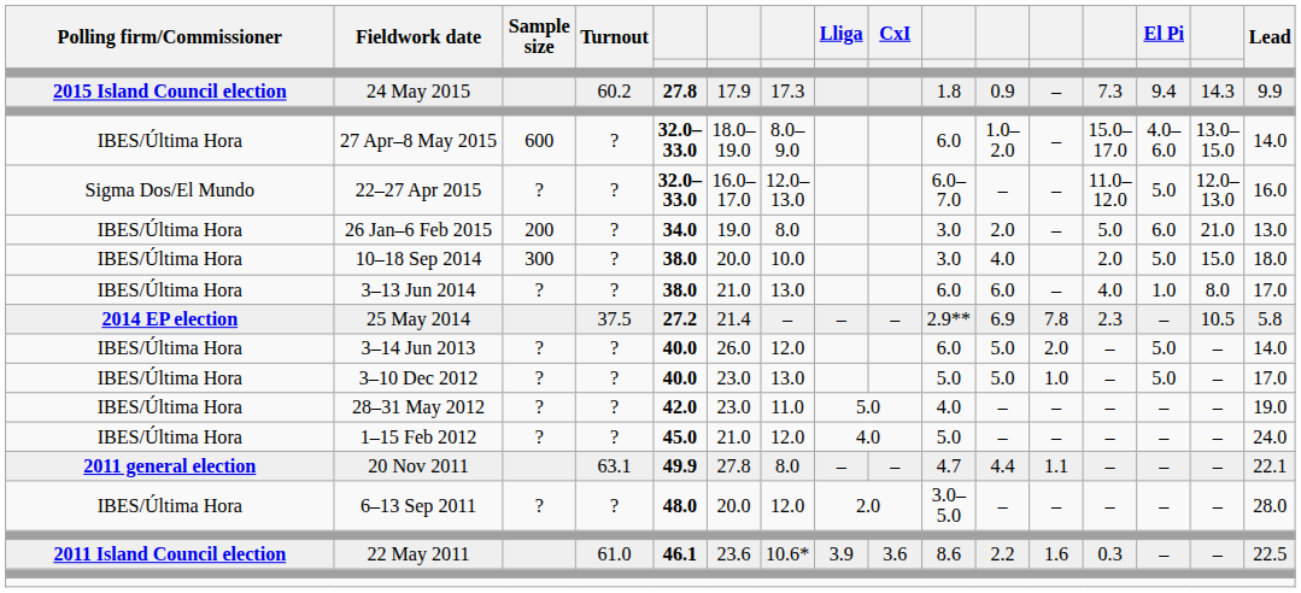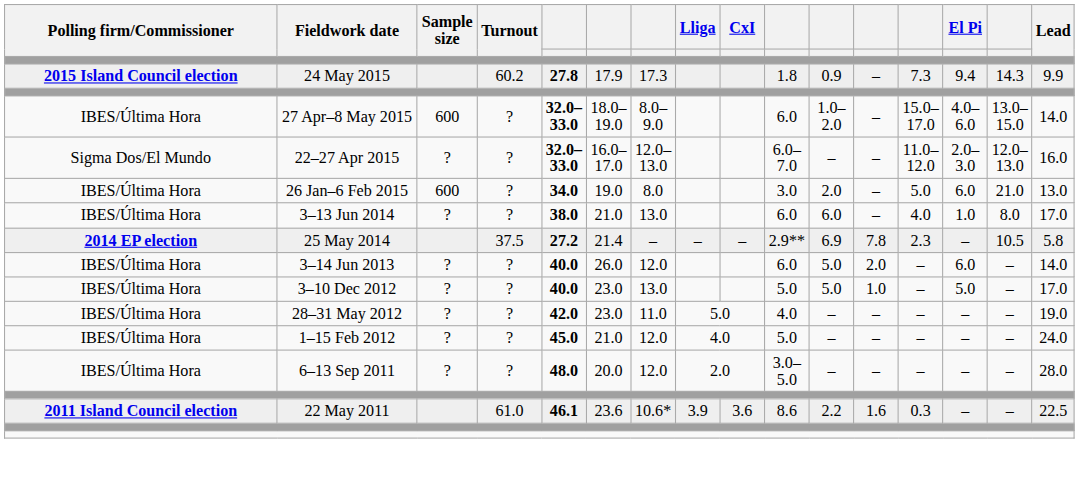 <table class="wikitable collapsible collapsed" style="text-align:center; font-size:95%; line-height:16px;">
 <tr style="height:42px;">
 <th style="width:250px;" rowspan="2">Polling firm/Commissioner</th>
 <th style="width:125px;" rowspan="2">Fieldwork date</th>
 <th style="width:50px;" rowspan="2">Sample size</th>
 <th style="width:45px;" rowspan="2">Turnout</th>
 <th style="width:35px;"></th>
 <th style="width:35px;"></th>
 <th style="width:35px;"></th>
 <th style="width:35px;"><a href='#'>Lliga</a></th>
 <th style="width:35px;"><a href='#'>CxI</a></th>
 <th style="width:35px;"></th>
 <th style="width:35px;"></th>
 <th style="width:35px;"></th>
 <th style="width:35px;"></th>
 <th style="width:35px;"><a href='#'>El Pi</a></th>
 <th style="width:35px;"></th>
 <th style="width:30px;" rowspan="2">Lead</th>
 </tr>
 <tr>
 <th style="color:inherit;background:"></th>
 <th style="color:inherit;background:"></th>
 <th style="color:inherit;background:"></th>
 <th style="color:inherit;background:"></th>
 <th style="color:inherit;background:"></th>
 <th style="color:inherit;background:"></th>
 <th style="color:inherit;background:"></th>
 <th style="color:inherit;background:"></th>
 <th style="color:inherit;background:"></th>
 <th style="color:inherit;background:"></th>
 <th style="color:inherit;background:"></th>
 </tr>
 <tr>
 <td colspan="16" style="background:#A0A0A0"></td>
 </tr>
 <tr style="background:#EFEFEF;">
 <td><strong><a href='#'>2015 Island Council election</a></strong></td>
 <td>24 May 2015</td>
 <td></td>
 <td>60.2</td>
 <td><strong>27.8</strong><br></td>
 <td>17.9<br></td>
 <td>17.3<br></td>
 <td></td>
 <td></td>
 <td>1.8<br></td>
 <td>0.9<br></td>
 <td>–</td>
 <td>7.3<br></td>
 <td>9.4<br></td>
 <td>14.3<br></td>
 <td style="background:">9.9</td>
 </tr>
 <tr>
 <td colspan="16" style="background:#A0A0A0"></td>
 </tr>
 <tr>
 <td>IBES/Última Hora</td>
 <td>27 Apr–8 May 2015</td>
 <td>600</td>
 <td>?</td>
 <td><strong>32.0–<br>33.0</strong><br></td>
 <td>18.0–<br>19.0<br></td>
 <td>8.0–<br>9.0<br></td>
 <td></td>
 <td></td>
 <td>6.0</td>
 <td>1.0–<br>2.0<br></td>
 <td>–</td>
 <td>15.0–<br>17.0<br></td>
 <td>4.0–<br>6.0<br></td>
 <td>13.0–<br>15.0<br></td>
 <td style="background:">14.0</td>
 </tr>
 <tr>
 <td>Sigma Dos/El Mundo</td>
 <td>22–27 Apr 2015</td>
 <td>?</td>
 <td>?</td>
 <td><strong>32.0–<br>33.0</strong><br></td>
 <td>16.0–<br>17.0<br></td>
 <td>12.0–<br>13.0<br></td>
 <td></td>
 <td></td>
 <td>6.0–<br>7.0<br></td>
 <td>–</td>
 <td>–</td>
 <td>11.0–<br>12.0<br></td>
-<td>5.0<br></td>
+<td>2.0–<br>3.0<br></td>
 <td>12.0–<br>13.0<br></td>
 <td style="background:">16.0</td>
 </tr>
 <tr>
 <td>IBES/Última Hora</td>
 <td>26 Jan–6 Feb 2015</td>
-<td>200</td>
+<td>600</td>
 <td>?</td>
 <td><strong>34.0</strong><br></td>
 <td>19.0<br></td>
 <td>8.0<br></td>
 <td></td>
 <td></td>
 <td>3.0<br></td>
 <td>2.0<br></td>
 <td>–</td>
 <td>5.0<br></td>
 <td>6.0<br></td>
 <td>21.0<br></td>
 <td style="background:">13.0</td>
-</tr>
-<tr>
-<td>IBES/Última Hora</td>
-<td>10–18 Sep 2014</td>
-<td>300</td>
-<td>?</td>
-<td><strong>38.0</strong><br></td>
-<td>20.0<br></td>
-<td>10.0<br></td>
-<td></td>
-<td></td>
-<td>3.0<br></td>
-<td>4.0<br></td>
-<td></td>
-<td>2.0<br></td>
-<td>5.0<br></td>
-<td>15.0<br></td>
-<td style="background:">18.0</td>
 </tr>
 <tr>
 <td>IBES/Última Hora</td>
 <td>3–13 Jun 2014</td>
 <td>?</td>
 <td>?</td>
 <td><strong>38.0</strong><br></td>
 <td>21.0<br></td>
 <td>13.0<br></td>
 <td></td>
 <td></td>
 <td>6.0<br></td>
 <td>6.0<br></td>
 <td>–</td>
 <td>4.0<br></td>
 <td>1.0<br></td>
 <td>8.0<br></td>
 <td style="background:">17.0</td>
 </tr>
 <tr style="background:#EFEFEF;">
 <td><strong><a href='#'>2014 EP election</a></strong></td>
 <td>25 May 2014</td>
 <td></td>
 <td>37.5</td>
 <td><strong>27.2</strong><br></td>
 <td>21.4<br></td>
 <td>–</td>
 <td>–</td>
 <td>–</td>
 <td>2.9**<br></td>
 <td>6.9<br></td>
 <td>7.8<br></td>
 <td>2.3<br></td>
 <td>–</td>
 <td>10.5<br></td>
 <td style="background:">5.8</td>
 </tr>
 <tr>
 <td>IBES/Última Hora</td>
 <td>3–14 Jun 2013</td>
 <td>?</td>
 <td>?</td>
 <td><strong>40.0</strong><br></td>
 <td>26.0<br></td>
 <td>12.0<br></td>
 <td></td>
 <td></td>
 <td>6.0<br></td>
 <td>5.0<br></td>
 <td>2.0<br></td>
 <td>–</td>
-<td>5.0<br></td>
+<td>6.0<br></td>
 <td>–</td>
 <td style="background:">14.0</td>
 </tr>
 <tr>
 <td>IBES/Última Hora</td>
 <td>3–10 Dec 2012</td>
 <td>?</td>
 <td>?</td>
 <td><strong>40.0</strong><br></td>
 <td>23.0<br></td>
 <td>13.0<br></td>
 <td></td>
 <td></td>
 <td>5.0<br></td>
 <td>5.0<br></td>
 <td>1.0<br></td>
 <td>–</td>
 <td>5.0<br></td>
 <td>–</td>
 <td style="background:">17.0</td>
 </tr>
 <tr>
 <td>IBES/Última Hora</td>
 <td>28–31 May 2012</td>
 <td>?</td>
 <td>?</td>
 <td><strong>42.0</strong></td>
 <td>23.0</td>
 <td>11.0</td>
 <td colspan="2">5.0</td>
 <td>4.0</td>
 <td>–</td>
 <td>–</td>
 <td>–</td>
 <td>–</td>
 <td>–</td>
 <td style="background:">19.0</td>
 </tr>
 <tr>
 <td>IBES/Última Hora</td>
 <td>1–15 Feb 2012</td>
 <td>?</td>
 <td>?</td>
 <td><strong>45.0</strong></td>
 <td>21.0</td>
 <td>12.0</td>
 <td colspan="2">4.0</td>
 <td>5.0</td>
 <td>–</td>
 <td>–</td>
 <td>–</td>
 <td>–</td>
 <td>–</td>
 <td style="background:">24.0</td>
 </tr>
-<tr style="background:#EFEFEF;">
-<td><strong><a href='#'>2011 general election</a></strong></td>
-<td>20 Nov 2011</td>
-<td></td>
-<td>63.1</td>
-<td><strong>49.9</strong><br></td>
-<td>27.8<br></td>
-<td>8.0<br></td>
-<td>–</td>
-<td>–</td>
-<td>4.7<br></td>
-<td>4.4<br></td>
-<td>1.1<br></td>
-<td>–</td>
-<td>–</td>
-<td>–</td>
-<td style="background:">22.1</td>
-</tr>
 <tr>
 <td>IBES/Última Hora</td>
 <td>6–13 Sep 2011</td>
 <td>?</td>
 <td>?</td>
 <td><strong>48.0</strong></td>
 <td>20.0</td>
 <td>12.0</td>
 <td colspan="2">2.0</td>
 <td>3.0–<br>5.0<br></td>
 <td>–</td>
 <td>–</td>
 <td>–</td>
 <td>–</td>
 <td>–</td>
 <td style="background:">28.0</td>
 </tr>
 <tr>
 <td colspan="16" style="background:#A0A0A0"></td>
 </tr>
 <tr style="background:#EFEFEF;">
 <td><strong><a href='#'>2011 Island Council election</a></strong></td>
 <td>22 May 2011</td>
 <td></td>
 <td>61.0</td>
 <td><strong>46.1</strong><br></td>
 <td>23.6<br></td>
 <td>10.6*<br></td>
 <td>3.9<br></td>
 <td>3.6<br></td>
 <td>8.6<br></td>
 <td>2.2<br></td>
 <td>1.6<br></td>
 <td>0.3<br></td>
 <td>–</td>
 <td>–</td>
 <td style="background:">22.5</td>
 </tr>
 <tr>
 <td colspan="16" style="background:#A0A0A0"></td>
 </tr>
 <tr>
 <td align="left" colspan="16"></td>
 </tr>
 </table>
